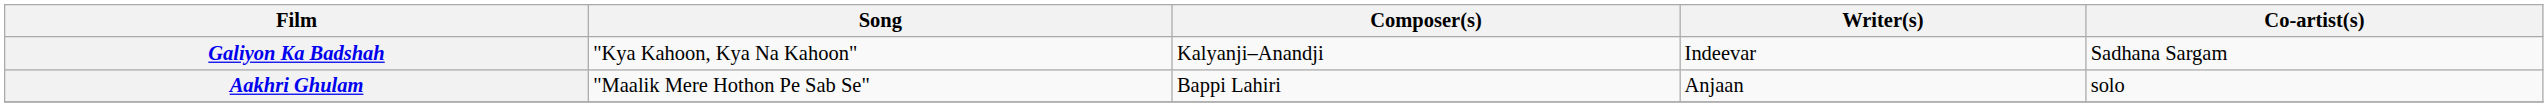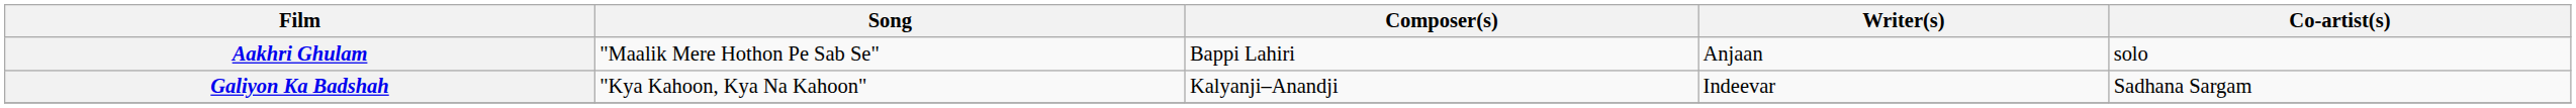 <table class="wikitable plainrowheaders" style="width:100%;" textcolor:#000;">
 <tr style="background:#b0e0e66;">
 <th scope="col" style="width:23%;"><strong>Film</strong></th>
 <th scope="col" style="width:23%;"><strong>Song</strong></th>
 <th scope="col" style="width:20%;"><strong>Composer(s)</strong></th>
 <th scope="col" style="width:16%;"><strong>Writer(s)</strong></th>
 <th scope="col" style="width:18%;"><strong>Co-artist(s)</strong></th>
 </tr>
 <tr>
+<th><em><a href='#'>Aakhri Ghulam</a></em></th>
+<td>"Maalik Mere Hothon Pe Sab Se"</td>
+<td>Bappi Lahiri</td>
+<td>Anjaan</td>
+<td>solo</td>
+</tr>
+<tr>
 <th><em><a href='#'>Galiyon Ka Badshah</a></em></th>
 <td>"Kya Kahoon, Kya Na Kahoon"</td>
 <td>Kalyanji–Anandji</td>
 <td>Indeevar</td>
 <td>Sadhana Sargam</td>
 </tr>
 <tr>
-<th><em><a href='#'>Aakhri Ghulam</a></em></th>
-<td>"Maalik Mere Hothon Pe Sab Se"</td>
-<td>Bappi Lahiri</td>
-<td>Anjaan</td>
-<td>solo</td>
-</tr>
-<tr>
 </tr>
 </table>
